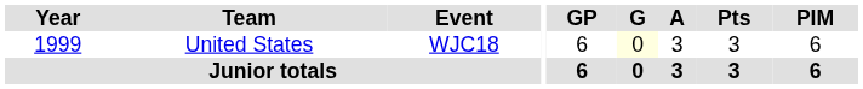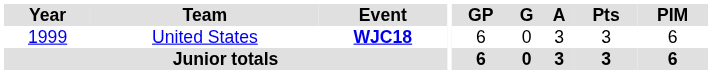 <table border="0" cellpadding="1" cellspacing="0" ID="Table3" style="text-align:center; width:40em">
 <tr ALIGN="center" bgcolor="#e0e0e0">
 <th>Year</th>
 <th>Team</th>
 <th>Event</th>
 <th rowspan="99" bgcolor="#ffffff"></th>
 <th>GP</th>
 <th>G</th>
 <th>A</th>
 <th>Pts</th>
 <th>PIM</th>
 </tr>
 <tr>
 <td><a href='#'>1999</a></td>
 <td><a href='#'>United States</a></td>
-<td><a href='#'>WJC18</a></td>
+<td><strong><a href='#'>WJC18</a></strong></td>
 <td>6</td>
-<td style="background: lightyellow;">0</td>
+<td>0</td>
 <td>3</td>
 <td>3</td>
 <td>6</td>
 </tr>
 <tr bgcolor="#e0e0e0">
 <th colspan="3">Junior totals</th>
 <th>6</th>
 <th>0</th>
 <th>3</th>
 <th>3</th>
 <th>6</th>
 </tr>
 </table>
